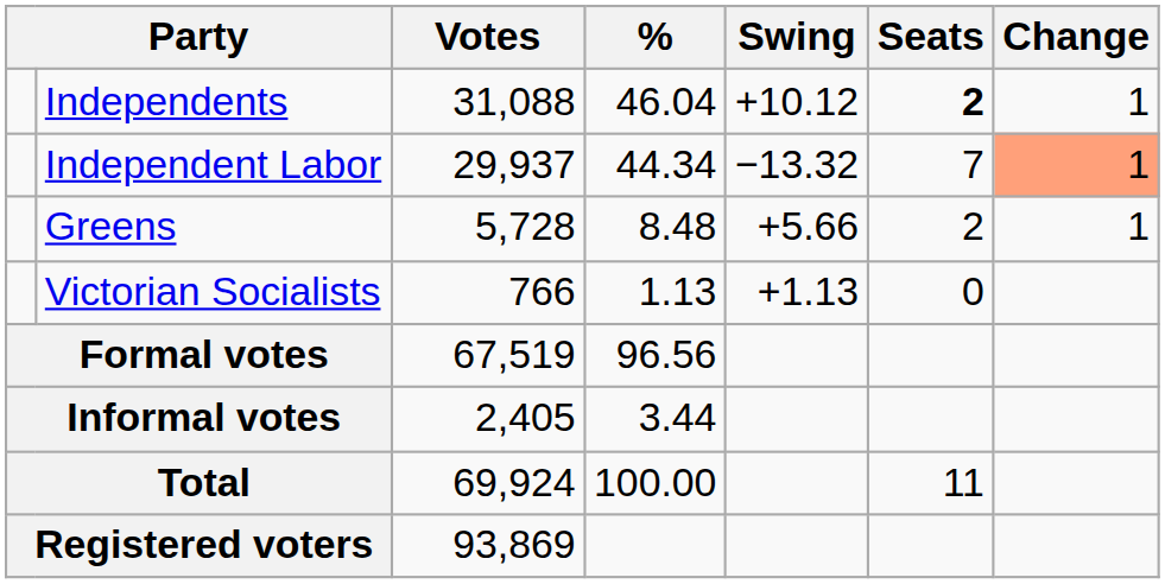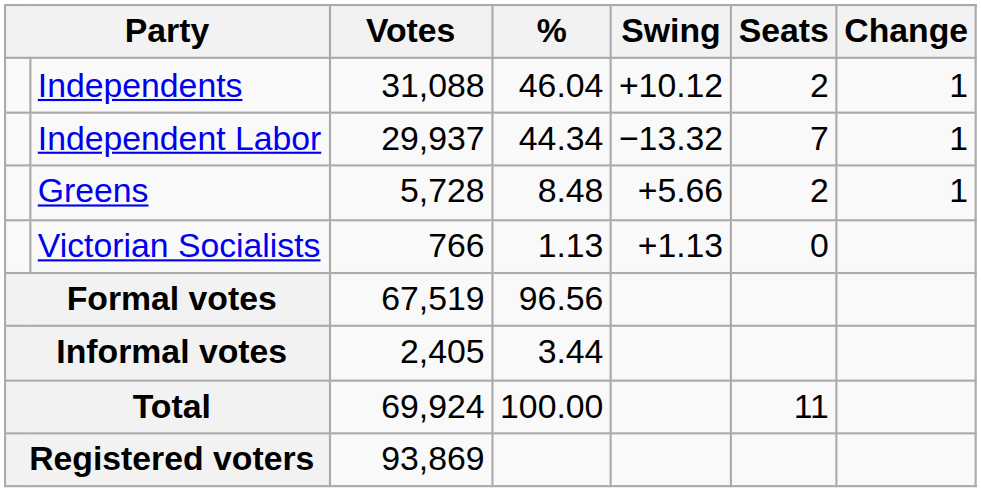 <table class="wikitable" style="text-align:right; margin-bottom:0">
 <tr>
 <th colspan="3" style="width:10px">Party</th>
 <th style="width:70px;">Votes</th>
 <th style="width:40px;">%</th>
 <th style="width:40px;">Swing</th>
 <th style="width:40px;">Seats</th>
 <th style="width:40px;">Change</th>
 </tr>
 <tr>
 <td> </td>
 <td colspan="2" style="text-align:left;"><a href='#'>Independents</a></td>
 <td style="width:70px;">31,088</td>
 <td style="width:40px;">46.04</td>
 <td style="width:45px;">+10.12</td>
-<td style="width:40px;"><strong>2</strong></td>
+<td style="width:40px;">2</td>
 <td style="width:40px;"> 1</td>
 </tr>
 <tr>
 <td> </td>
 <td colspan="2" style="text-align:left;"><a href='#'>Independent Labor</a></td>
 <td>29,937</td>
 <td>44.34</td>
 <td>−13.32</td>
 <td>7</td>
-<td style="background: lightsalmon;"> 1</td>
+<td> 1</td>
 </tr>
 <tr>
 <td> </td>
 <td colspan="2" style="text-align:left;"><a href='#'>Greens</a></td>
 <td>5,728</td>
 <td>8.48</td>
 <td>+5.66</td>
 <td>2</td>
 <td> 1</td>
 </tr>
 <tr>
 <td> </td>
 <td colspan="2" style="text-align:left;"><a href='#'>Victorian Socialists</a></td>
 <td>766</td>
 <td>1.13</td>
 <td>+1.13</td>
 <td>0</td>
 <td></td>
 </tr>
 <tr>
 <th colspan="3" rowspan="1"> Formal votes</th>
 <td>67,519</td>
 <td>96.56</td>
 <td></td>
 <td></td>
 <td></td>
 </tr>
 <tr>
 <th colspan="3" rowspan="1"> Informal votes</th>
 <td>2,405</td>
 <td>3.44</td>
 <td></td>
 <td></td>
 <td></td>
 </tr>
 <tr>
 <th colspan="3" rowspan="1"> Total</th>
 <td>69,924</td>
 <td>100.00</td>
 <td></td>
 <td>11</td>
 <td></td>
 </tr>
 <tr>
 <th colspan="3" rowspan="1"> Registered voters</th>
 <td>93,869</td>
 <td></td>
 <td></td>
 <td></td>
 <td></td>
 </tr>
 </table>
